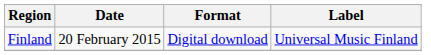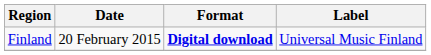 <table class=wikitable>
 <tr>
 <th>Region</th>
 <th>Date</th>
 <th>Format</th>
 <th>Label</th>
 </tr>
 <tr>
 <td><a href='#'>Finland</a></td>
 <td>20 February 2015</td>
-<td><a href='#'>Digital download</a></td>
+<td><strong><a href='#'>Digital download</a></strong></td>
 <td><a href='#'>Universal Music Finland</a></td>
 </tr>
 <tr>
 </tr>
 </table>
